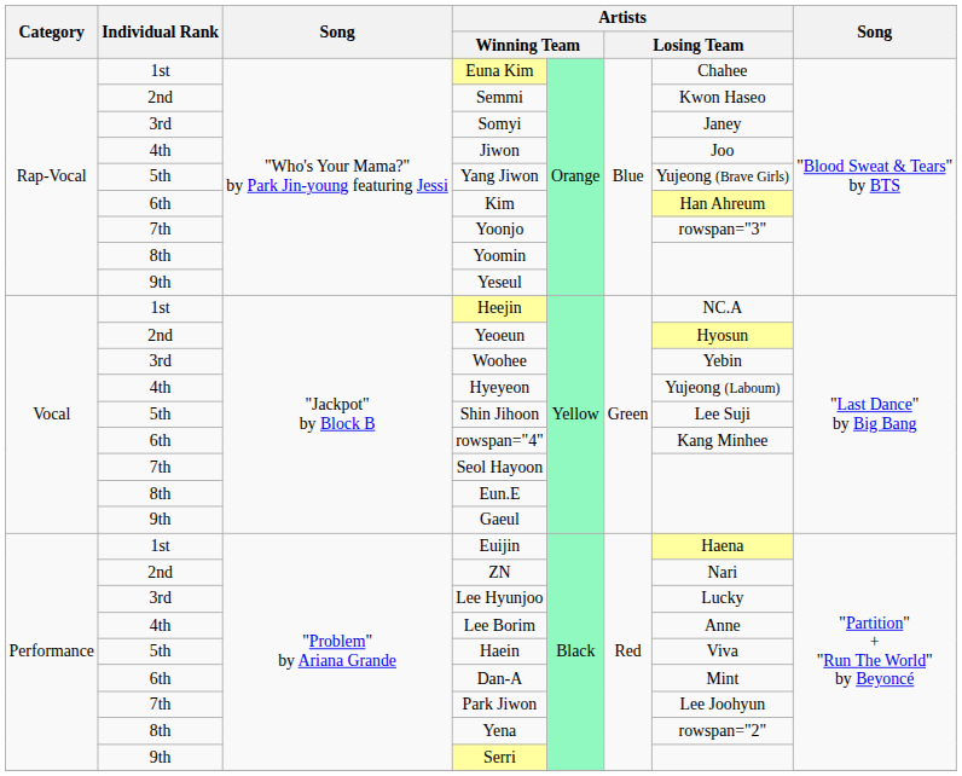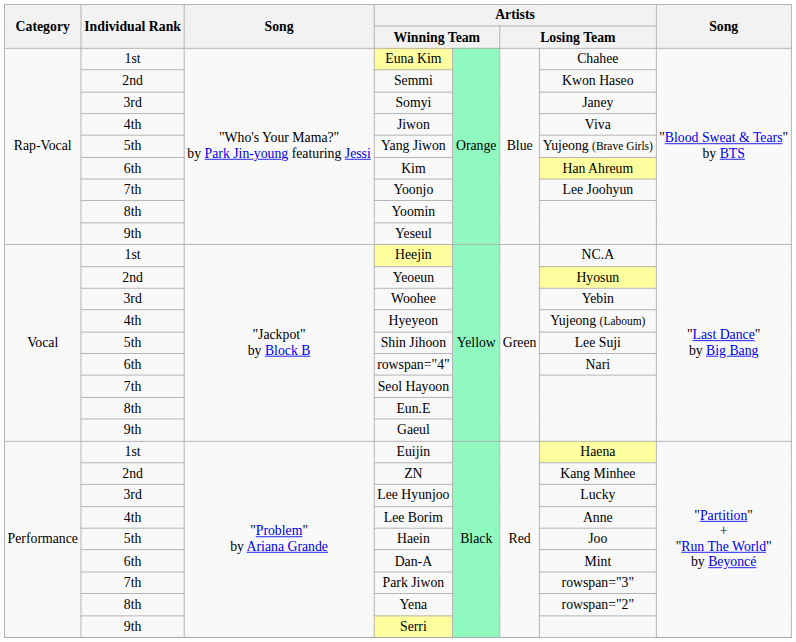 <table class="wikitable" style="text-align: center;">
 <tr>
 <th rowspan="2">Category</th>
 <th rowspan="2">Individual Rank</th>
 <th rowspan="2">Song</th>
 <th colspan="4">Artists</th>
 <th rowspan="2">Song</th>
 </tr>
 <tr>
 <th colspan="2">Winning Team</th>
 <th colspan="2">Losing Team</th>
 </tr>
 <tr>
 <td rowspan="9">Rap-Vocal</td>
 <td>1st</td>
 <td rowspan="9">"Who's Your Mama?"<br>by <a href='#'>Park Jin-young</a> featuring <a href='#'>Jessi</a></td>
 <td style="background:#FFFF9F;">Euna Kim</td>
 <td rowspan="9" style="background:#90F9C0;">Orange <br><small></small></td>
 <td rowspan="9">Blue <br><small></small></td>
 <td>Chahee</td>
 <td rowspan="9">"<a href='#'>Blood Sweat & Tears</a>"<br>by <a href='#'>BTS</a></td>
 </tr>
 <tr>
 <td>2nd</td>
 <td>Semmi</td>
 <td>Kwon Haseo</td>
 </tr>
 <tr>
 <td>3rd</td>
 <td>Somyi</td>
 <td>Janey</td>
 </tr>
 <tr>
 <td>4th</td>
 <td>Jiwon</td>
-<td>Joo</td>
+<td>Viva</td>
 </tr>
 <tr>
 <td>5th</td>
 <td>Yang Jiwon</td>
 <td>Yujeong <small>(Brave Girls)</small></td>
 </tr>
 <tr>
 <td>6th</td>
 <td>Kim</td>
 <td style="background:#FFFF9F;">Han Ahreum</td>
 </tr>
 <tr>
 <td>7th</td>
 <td>Yoonjo</td>
-<td>rowspan="3" </td>
+<td>Lee Joohyun</td>
 </tr>
 <tr>
 <td>8th</td>
 <td>Yoomin</td>
 </tr>
 <tr>
 <td>9th</td>
 <td>Yeseul</td>
 </tr>
 <tr>
 <td rowspan="9">Vocal</td>
 <td>1st</td>
 <td rowspan="9">"Jackpot"<br>by <a href='#'>Block B</a></td>
 <td style="background:#FFFF9F;">Heejin</td>
 <td rowspan="9" style="background:#90F9C0;">Yellow <br><small></small></td>
 <td rowspan="9">Green <br><small></small></td>
 <td>NC.A</td>
 <td rowspan="9">"<a href='#'>Last Dance</a>"<br>by <a href='#'>Big Bang</a></td>
 </tr>
 <tr>
 <td>2nd</td>
 <td>Yeoeun</td>
 <td style="background:#FFFF9F;">Hyosun</td>
 </tr>
 <tr>
 <td>3rd</td>
 <td>Woohee</td>
 <td>Yebin</td>
 </tr>
 <tr>
 <td>4th</td>
 <td>Hyeyeon</td>
 <td>Yujeong <small>(Laboum)</small></td>
 </tr>
 <tr>
 <td>5th</td>
 <td>Shin Jihoon</td>
 <td>Lee Suji</td>
 </tr>
 <tr>
 <td>6th</td>
 <td>rowspan="4" </td>
-<td>Kang Minhee</td>
+<td>Nari</td>
 </tr>
 <tr>
 <td>7th</td>
 <td>Seol Hayoon</td>
 </tr>
 <tr>
 <td>8th</td>
 <td>Eun.E</td>
 </tr>
 <tr>
 <td>9th</td>
 <td>Gaeul</td>
 </tr>
 <tr>
 <td rowspan="9">Performance</td>
 <td>1st</td>
 <td rowspan="9">"<a href='#'>Problem</a>"<br>by <a href='#'>Ariana Grande</a></td>
 <td>Euijin</td>
 <td rowspan="9" style="background:#90F9C0;">Black <br><small></small></td>
 <td rowspan="9">Red <br><small></small></td>
 <td style="background:#FFFF9F;">Haena</td>
 <td rowspan="9">"<a href='#'>Partition</a>"<br>+<br>"<a href='#'>Run The World</a>"<br>by <a href='#'>Beyoncé</a></td>
 </tr>
 <tr>
 <td>2nd</td>
 <td>ZN</td>
-<td>Nari</td>
+<td>Kang Minhee</td>
 </tr>
 <tr>
 <td>3rd</td>
 <td>Lee Hyunjoo</td>
 <td>Lucky</td>
 </tr>
 <tr>
 <td>4th</td>
 <td>Lee Borim</td>
 <td>Anne</td>
 </tr>
 <tr>
 <td>5th</td>
 <td>Haein</td>
-<td>Viva</td>
+<td>Joo</td>
 </tr>
 <tr>
 <td>6th</td>
 <td>Dan-A</td>
 <td>Mint</td>
 </tr>
 <tr>
 <td>7th</td>
 <td>Park Jiwon</td>
-<td>Lee Joohyun</td>
+<td>rowspan="3" </td>
 </tr>
 <tr>
 <td>8th</td>
 <td>Yena</td>
 <td>rowspan="2" </td>
 </tr>
 <tr>
 <td>9th</td>
 <td style="background:#FFFF9F;">Serri</td>
 </tr>
 <tr>
 </tr>
 </table>
